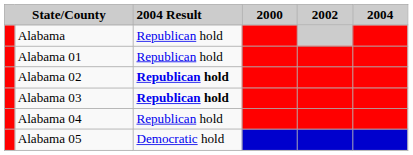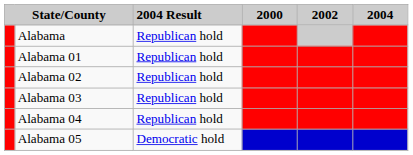 <table class="wikitable">
 <tr bgcolor="CCCCCC">
 <td colspan="2" rowspan="1" align="center" valign="top" width=150px><strong>State/County</strong></td>
 <td valign="top" width=125px><strong>2004 Result</strong></td>
 <td valign="top" align="center" width=60px><strong>2000</strong></td>
 <td valign="top" align="center" width=60px><strong>2002</strong></td>
 <td valign="top" align="center" width=60px><strong>2004</strong></td>
 </tr>
 <tr>
 <td style="color:inherit;background:#ff0000"></td>
 <td>Alabama</td>
 <td align="left"><a href='#'>Republican</a> hold</td>
 <td align="right" bgcolor="#ff0000"></td>
 <td align="right" bgcolor="CCCCCC"></td>
 <td align="right" bgcolor="#ff0000"></td>
 </tr>
 <tr>
 <td style="color:inherit;background:#ff0000"></td>
 <td>Alabama 01</td>
 <td align="left"><a href='#'>Republican</a> hold</td>
 <td align="right" bgcolor="#ff0000"></td>
 <td align="right" bgcolor="#ff0000"></td>
 <td align="right" bgcolor="#ff0000"></td>
 </tr>
 <tr>
 <td style="color:inherit;background:#ff0000"></td>
 <td>Alabama 02</td>
-<td align="left"><strong><a href='#'>Republican</a> hold</strong></td>
+<td align="left"><a href='#'>Republican</a> hold</td>
 <td align="right" bgcolor="#ff0000"></td>
 <td align="right" bgcolor="#ff0000"></td>
 <td align="right" bgcolor="#ff0000"></td>
 </tr>
 <tr>
 <td style="color:inherit;background:#ff0000"></td>
 <td>Alabama 03</td>
-<td align="left"><strong><a href='#'>Republican</a> hold</strong></td>
+<td align="left"><a href='#'>Republican</a> hold</td>
 <td align="right" bgcolor="#ff0000"></td>
 <td align="right" bgcolor="#ff0000"></td>
 <td align="right" bgcolor="#ff0000"></td>
 </tr>
 <tr>
 <td style="color:inherit;background:#ff0000"></td>
 <td>Alabama 04</td>
 <td align="left"><a href='#'>Republican</a> hold</td>
 <td align="right" bgcolor="#ff0000"></td>
 <td align="right" bgcolor="#ff0000"></td>
 <td align="right" bgcolor="#ff0000"></td>
 </tr>
 <tr>
 <td style="color:inherit;background:#ff0000"></td>
 <td>Alabama 05</td>
 <td align="left"><a href='#'>Democratic</a> hold</td>
 <td align="right" bgcolor="#0000cd"></td>
 <td align="right" bgcolor="#0000cd"></td>
 <td align="right" bgcolor="#0000cd"></td>
 </tr>
 </table>
